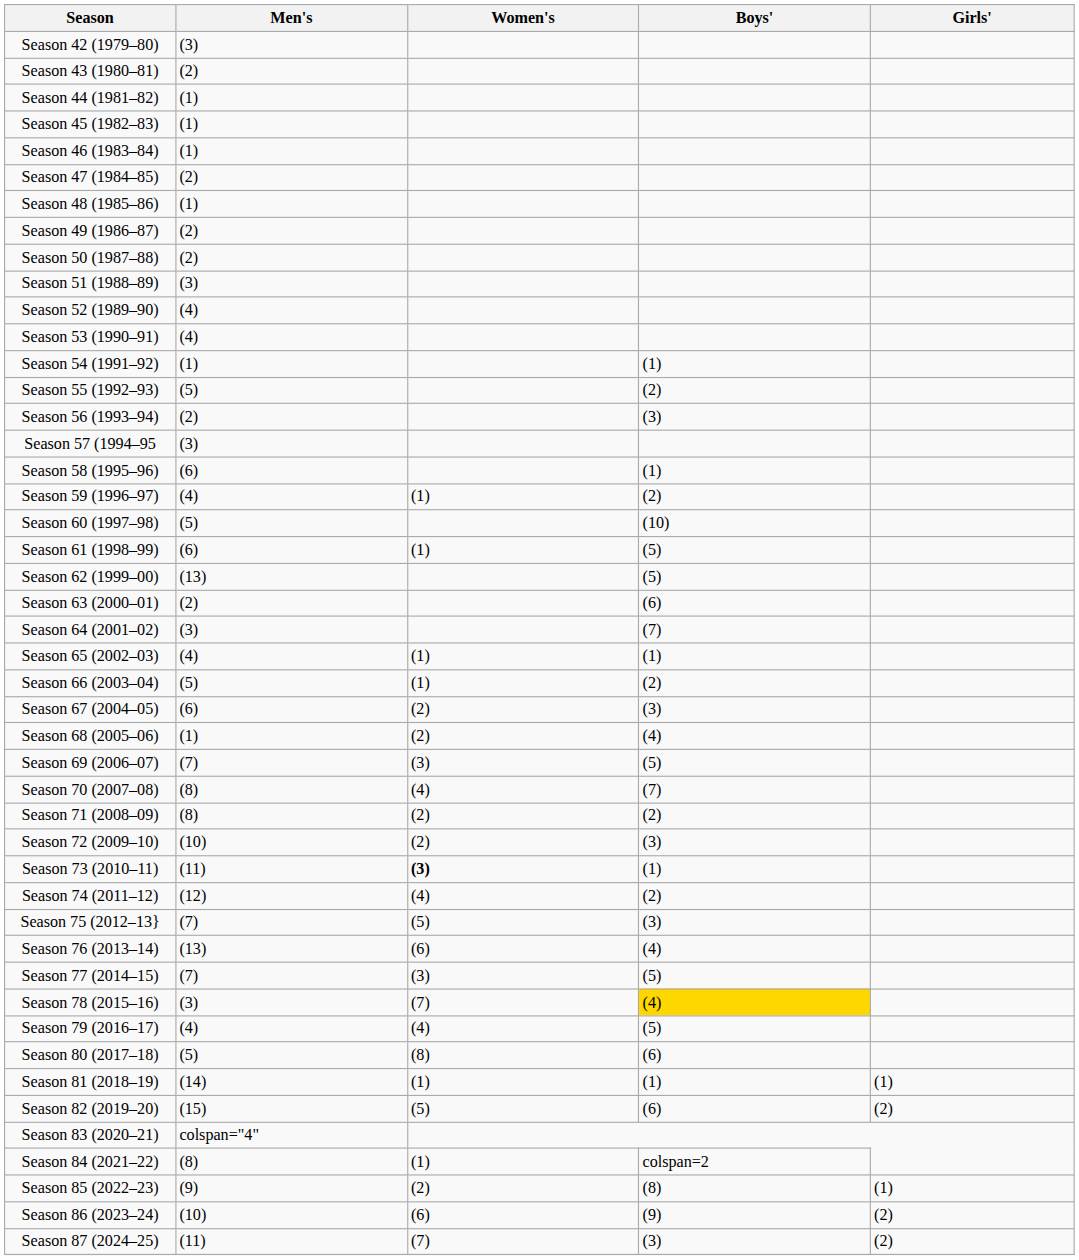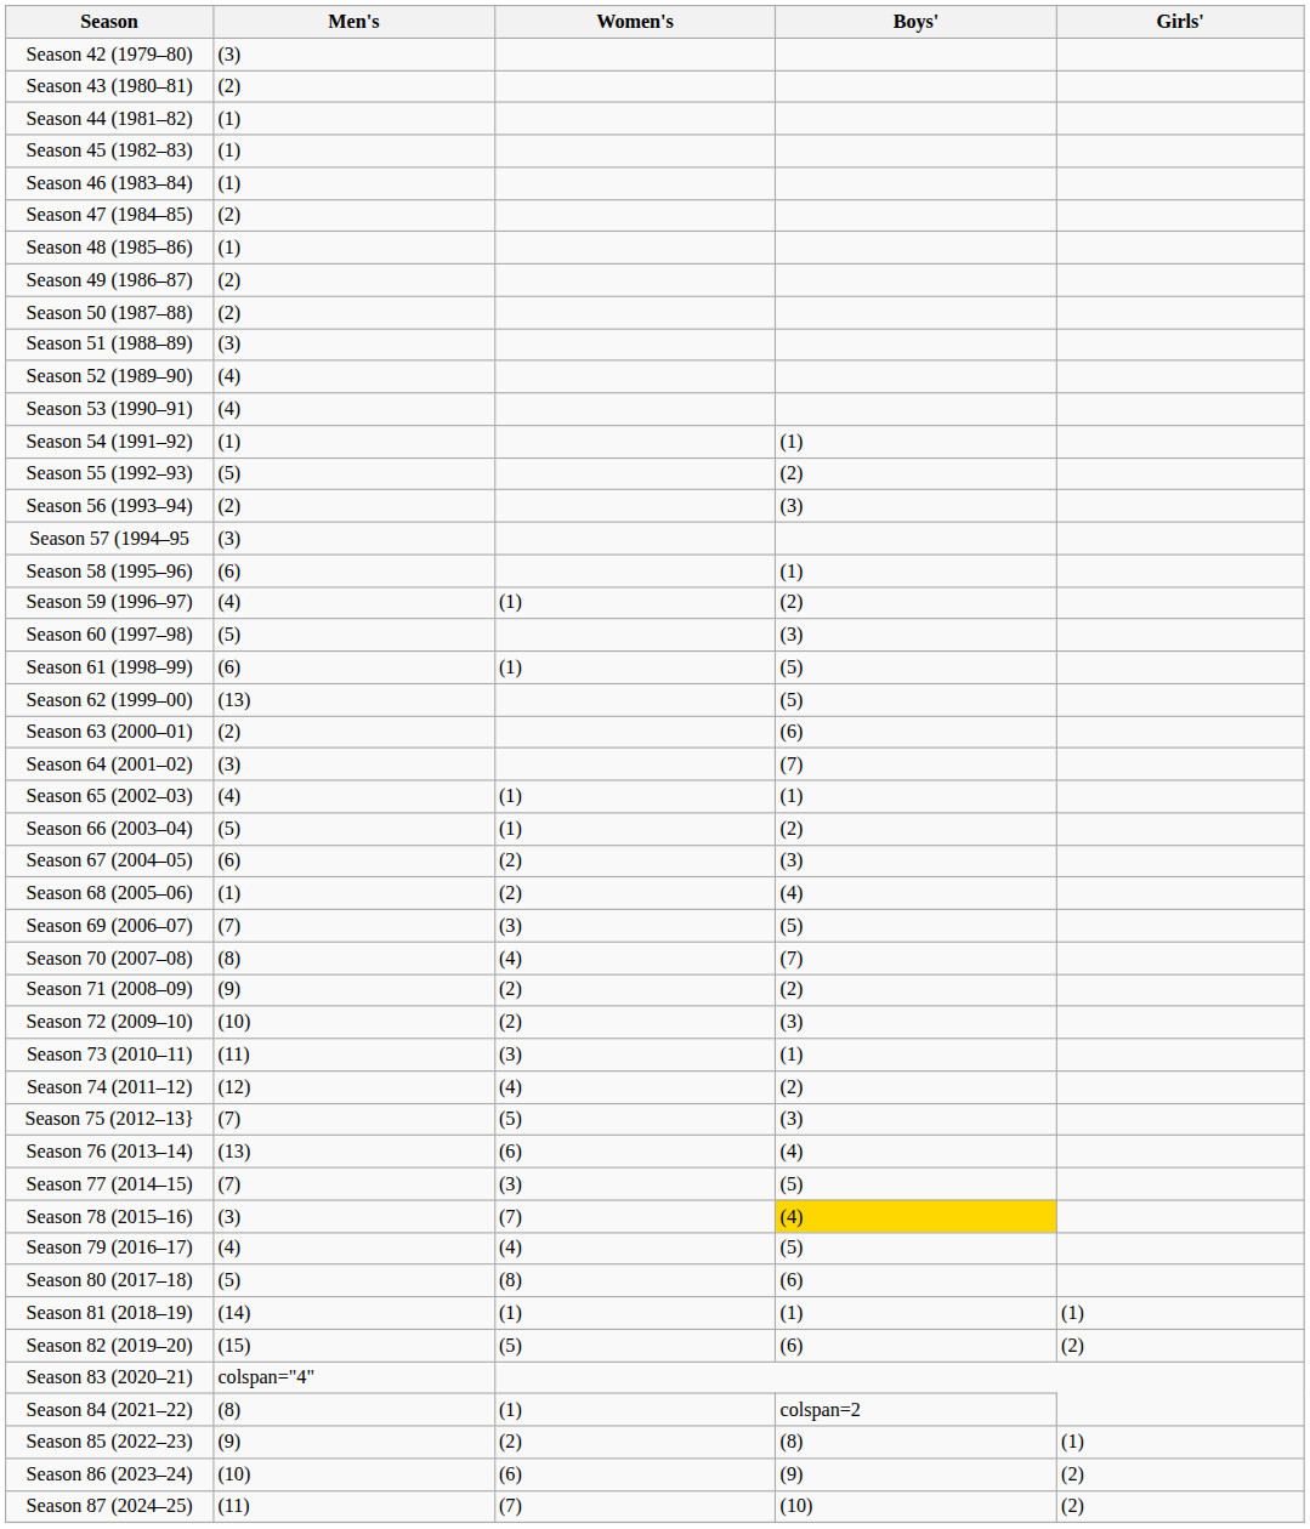 <table class="wikitable" style="font-size:90%;">
 <tr>
 <th width=16%>Season</th>
 <th width=200px>Men's</th>
 <th width=200px>Women's</th>
 <th width=200px>Boys'</th>
 <th width=175px>Girls'</th>
 </tr>
 <tr>
 <td align=center>Season 42 (1979–80)</td>
 <td> (3)</td>
 <td></td>
 <td></td>
 <td></td>
 </tr>
 <tr>
 <td align=center>Season 43 (1980–81)</td>
 <td> (2)</td>
 <td></td>
 <td></td>
 <td></td>
 </tr>
 <tr>
 <td align=center>Season 44 (1981–82)</td>
 <td> (1)</td>
 <td></td>
 <td></td>
 <td></td>
 </tr>
 <tr>
 <td align=center>Season 45 (1982–83)</td>
 <td> (1)</td>
 <td></td>
 <td></td>
 <td></td>
 </tr>
 <tr>
 <td align=center>Season 46 (1983–84)</td>
 <td> (1)</td>
 <td></td>
 <td></td>
 <td></td>
 </tr>
 <tr>
 <td align=center>Season 47 (1984–85)</td>
 <td> (2)</td>
 <td></td>
 <td></td>
 <td></td>
 </tr>
 <tr>
 <td align=center>Season 48 (1985–86)</td>
 <td> (1)</td>
 <td></td>
 <td></td>
 <td></td>
 </tr>
 <tr>
 <td align=center>Season 49 (1986–87)</td>
 <td> (2)</td>
 <td></td>
 <td></td>
 <td></td>
 </tr>
 <tr>
 <td align=center>Season 50 (1987–88)</td>
 <td> (2)</td>
 <td></td>
 <td></td>
 <td></td>
 </tr>
 <tr>
 <td align=center>Season 51 (1988–89)</td>
 <td> (3)</td>
 <td></td>
 <td></td>
 <td></td>
 </tr>
 <tr>
 <td align=center>Season 52 (1989–90)</td>
 <td> (4)</td>
 <td></td>
 <td></td>
 <td></td>
 </tr>
 <tr>
 <td align=center>Season 53 (1990–91)</td>
 <td> (4)</td>
 <td></td>
 <td></td>
 <td></td>
 </tr>
 <tr>
 <td align=center>Season 54 (1991–92)</td>
 <td> (1)</td>
 <td></td>
 <td> (1)</td>
 <td></td>
 </tr>
 <tr>
 <td align=center>Season 55 (1992–93)</td>
 <td> (5)</td>
 <td></td>
 <td> (2)</td>
 <td></td>
 </tr>
 <tr>
 <td align=center>Season 56 (1993–94)</td>
 <td> (2)</td>
 <td></td>
 <td> (3)</td>
 <td></td>
 </tr>
 <tr>
 <td align=center>Season 57 (1994–95</td>
 <td> (3)</td>
 <td></td>
 <td></td>
 <td></td>
 </tr>
 <tr>
 <td align=center>Season 58 (1995–96)</td>
 <td> (6)</td>
 <td></td>
 <td> (1)</td>
 <td></td>
 </tr>
 <tr>
 <td align=center>Season 59 (1996–97)</td>
 <td> (4)</td>
 <td> (1)</td>
 <td> (2)</td>
 <td></td>
 </tr>
 <tr>
 <td align=center>Season 60 (1997–98)</td>
 <td> (5)</td>
 <td></td>
-<td> (10)</td>
+<td> (3)</td>
 <td></td>
 </tr>
 <tr>
 <td align=center>Season 61 (1998–99)</td>
 <td> (6)</td>
 <td> (1)</td>
 <td> (5)</td>
 <td></td>
 </tr>
 <tr>
 <td align=center>Season 62 (1999–00)</td>
 <td> (13)</td>
 <td></td>
 <td> (5)</td>
 <td></td>
 </tr>
 <tr>
 <td align=center>Season 63 (2000–01)</td>
 <td> (2)</td>
 <td></td>
 <td> (6)</td>
 <td></td>
 </tr>
 <tr>
 <td align=center>Season 64 (2001–02)</td>
 <td> (3)</td>
 <td></td>
 <td> (7)</td>
 <td></td>
 </tr>
 <tr>
 <td align=center>Season 65 (2002–03)</td>
 <td> (4)</td>
 <td> (1)</td>
 <td> (1)</td>
 <td></td>
 </tr>
 <tr>
 <td align=center>Season 66 (2003–04)</td>
 <td> (5)</td>
 <td> (1)</td>
 <td> (2)</td>
 <td></td>
 </tr>
 <tr>
 <td align=center>Season 67 (2004–05)</td>
 <td> (6)</td>
 <td> (2)</td>
 <td> (3)</td>
 <td></td>
 </tr>
 <tr>
 <td align=center>Season 68 (2005–06)</td>
 <td>  (1)</td>
 <td> (2)</td>
 <td> (4)</td>
 <td></td>
 </tr>
 <tr>
 <td align=center>Season 69 (2006–07)</td>
 <td>  (7)</td>
 <td> (3)</td>
 <td> (5)</td>
 <td></td>
 </tr>
 <tr>
 <td align=center>Season 70 (2007–08)</td>
 <td> (8)</td>
 <td> (4)</td>
 <td> (7)</td>
 <td></td>
 </tr>
 <tr>
 <td align=center>Season 71 (2008–09)</td>
-<td> (8)</td>
+<td> (9)</td>
 <td> (2)</td>
 <td> (2)</td>
 <td></td>
 </tr>
 <tr>
 <td align=center>Season 72 (2009–10)</td>
 <td> (10)</td>
 <td> (2)</td>
 <td> (3)</td>
 <td></td>
 </tr>
 <tr>
 <td align=center>Season 73 (2010–11)</td>
 <td> (11)</td>
-<td><strong> (3)</strong></td>
+<td> (3)</td>
 <td> (1)</td>
 <td></td>
 </tr>
 <tr>
 <td align=center>Season 74 (2011–12)</td>
 <td> (12)</td>
 <td> (4)</td>
 <td> (2)</td>
 <td></td>
 </tr>
 <tr>
 <td align=center>Season 75 (2012–13}</td>
 <td> (7)</td>
 <td> (5)</td>
 <td> (3)</td>
 <td></td>
 </tr>
 <tr>
 <td align=center>Season 76 (2013–14)</td>
 <td> (13)</td>
 <td> (6)</td>
 <td>  (4)</td>
 <td></td>
 </tr>
 <tr>
 <td align=center>Season 77 (2014–15)</td>
 <td> (7)</td>
 <td> (3)</td>
 <td> (5)</td>
 <td></td>
 </tr>
 <tr>
 <td align=center>Season 78 (2015–16)</td>
 <td> (3)</td>
 <td> (7)</td>
 <td style="background: gold;"> (4)</td>
 <td></td>
 </tr>
 <tr>
 <td align=center>Season 79 (2016–17)</td>
 <td> (4)</td>
 <td> (4)</td>
 <td> (5)</td>
 <td></td>
 </tr>
 <tr>
 <td align=center>Season 80 (2017–18)</td>
 <td> (5)</td>
 <td> (8)</td>
 <td> (6)</td>
 <td></td>
 </tr>
 <tr>
 <td align=center>Season 81 (2018–19)</td>
 <td> (14)</td>
 <td> (1)</td>
 <td> (1)</td>
 <td> (1)</td>
 </tr>
 <tr>
 <td align=center>Season 82 (2019–20)</td>
 <td> (15)</td>
 <td> (5)</td>
 <td> (6)</td>
 <td> (2)</td>
 </tr>
 <tr>
 <td align=center>Season 83 (2020–21)</td>
 <td>colspan="4" </td>
 </tr>
 <tr>
 <td align=center>Season 84 (2021–22)</td>
 <td> (8)</td>
 <td> (1)</td>
 <td>colspan=2 </td>
 </tr>
 <tr>
 <td align=center>Season 85 (2022–23)</td>
 <td> (9)</td>
 <td> (2)</td>
 <td> (8)</td>
 <td> (1)</td>
 </tr>
 <tr>
 <td align=center>Season 86 (2023–24)</td>
 <td> (10)</td>
 <td> (6)</td>
 <td> (9)</td>
 <td> (2)</td>
 </tr>
 <tr>
 <td align=center>Season 87 (2024–25)</td>
 <td> (11)</td>
 <td> (7)</td>
-<td> (3)</td>
+<td> (10)</td>
 <td> (2)</td>
 </tr>
 <tr>
 </tr>
 </table>
